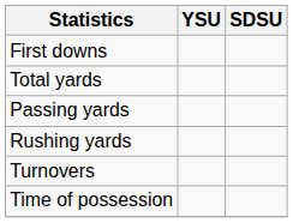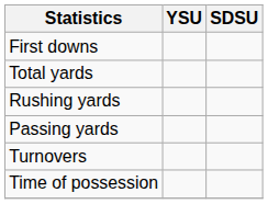 <table class="wikitable">
 <tr>
 <th>Statistics</th>
 <th>YSU</th>
 <th>SDSU</th>
 </tr>
 <tr>
 <td>First downs</td>
 <td></td>
 <td></td>
 </tr>
 <tr>
 <td>Total yards</td>
 <td></td>
 <td></td>
 </tr>
 <tr>
-<td>Passing yards</td>
+<td>Rushing yards</td>
 <td></td>
 <td></td>
 </tr>
 <tr>
-<td>Rushing yards</td>
+<td>Passing yards</td>
 <td></td>
 <td></td>
 </tr>
 <tr>
 <td>Turnovers</td>
 <td></td>
 <td></td>
 </tr>
 <tr>
 <td>Time of possession</td>
 <td></td>
 <td></td>
 </tr>
 <tr>
 </tr>
 </table>
